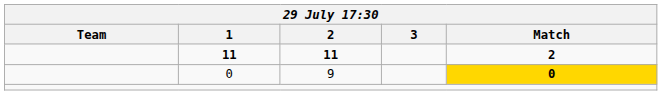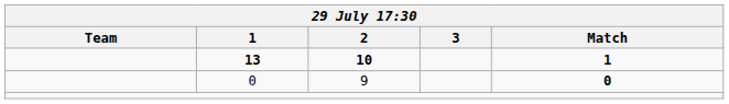 <table class=wikitable style="text-align:center; width: 55%">
 <tr>
 <th colspan=10><em>29 July 17:30</em></th>
 </tr>
 <tr>
 <th>Team</th>
 <th>1</th>
 <th>2</th>
 <th>3</th>
 <th>Match</th>
 </tr>
 <tr>
 <td align=left><strong><br></strong></td>
-<td><strong>11</strong></td>
-<td><strong>11</strong></td>
+<td><strong>13</strong></td>
+<td><strong>10</strong></td>
 <td></td>
-<td><strong>2</strong></td>
+<td><strong>1</strong></td>
 </tr>
 <tr>
 <td align=left><br></td>
 <td>0</td>
 <td>9</td>
 <td></td>
-<td style="background: gold;"><strong>0</strong></td>
+<td><strong>0</strong></td>
 </tr>
 <tr>
 <td colspan=10></td>
 </tr>
 </table>
